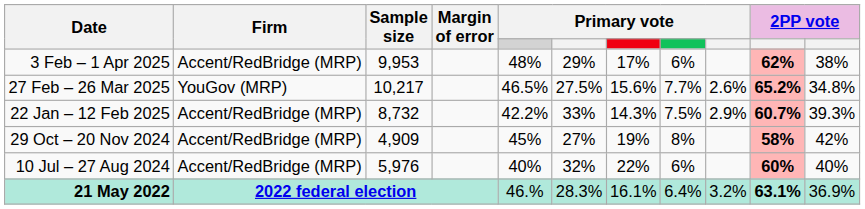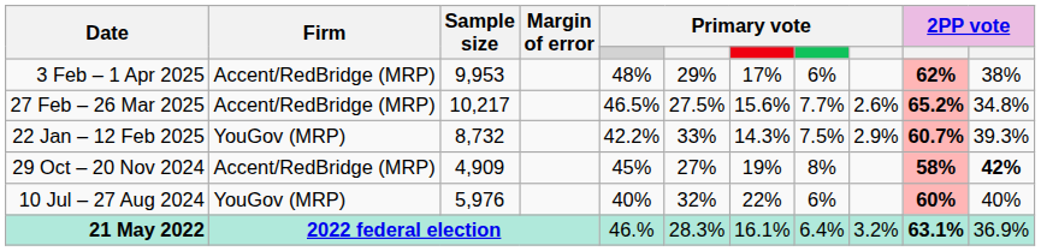 <table class="nowrap wikitable tpl-blanktable" style=text-align:center;font-size:90%>
 <tr>
 <th rowspan=2>Date</th>
 <th rowspan=2>Firm</th>
 <th rowspan=2>Sample<br>size</th>
 <th rowspan=2>Margin<br>of error</th>
 <th colspan=5>Primary vote</th>
 <th colspan=2 class=unsortable style=background:#ebbce3><a href='#'>2PP vote</a></th>
 </tr>
 <tr>
 <th class=unsortable style=background:lightgray></th>
 <th style="background:"></th>
 <th style="background:#F00011"></th>
 <th style=background:#10C25B></th>
 <th style=background:></th>
 <th style=background:></th>
 <th style=background:></th>
 </tr>
 <tr>
 <td align=right>3 Feb – 1 Apr 2025</td>
 <td align=left>Accent/RedBridge (MRP)</td>
 <td>9,953</td>
 <td></td>
 <td>48%</td>
 <td>29%</td>
 <td>17%</td>
 <td>6%</td>
 <td></td>
 <th style=background:#FFB6B6>62%</th>
 <td>38%</td>
 </tr>
 <tr>
 <td align=right>27 Feb – 26 Mar 2025</td>
-<td align=left>YouGov (MRP)</td>
+<td align=left>Accent/RedBridge (MRP)</td>
 <td>10,217</td>
 <td></td>
 <td>46.5%</td>
 <td>27.5%</td>
 <td>15.6%</td>
 <td>7.7%</td>
 <td>2.6%</td>
 <th style=background:#FFB6B6>65.2%</th>
 <td>34.8%</td>
 </tr>
 <tr>
 <td align=right>22 Jan – 12 Feb 2025</td>
-<td align=left>Accent/RedBridge (MRP)</td>
+<td align=left>YouGov (MRP)</td>
 <td>8,732</td>
 <td></td>
 <td>42.2%</td>
 <td>33%</td>
 <td>14.3%</td>
 <td>7.5%</td>
 <td>2.9%</td>
 <th style=background:#FFB6B6>60.7%</th>
 <td>39.3%</td>
 </tr>
 <tr>
 <td align=right>29 Oct – 20 Nov 2024</td>
 <td align=left>Accent/RedBridge (MRP)</td>
 <td>4,909</td>
 <td></td>
 <td>45%</td>
 <td>27%</td>
 <td>19%</td>
 <td>8%</td>
 <td></td>
 <th style=background:#FFB6B6>58%</th>
-<td>42%</td>
+<td><strong>42%</strong></td>
 </tr>
 <tr>
 <td align=right>10 Jul – 27 Aug 2024</td>
-<td align=left>Accent/RedBridge (MRP)</td>
+<td align=left>YouGov (MRP)</td>
 <td>5,976</td>
 <td></td>
 <td>40%</td>
 <td>32%</td>
 <td>22%</td>
 <td>6%</td>
 <td></td>
 <th style=background:#FFB6B6>60%</th>
 <td>40%</td>
 </tr>
 <tr style=background:#b0e9db>
 <td style=text-align:right data-sort-value=21-May-2022><strong>21 May 2022</strong></td>
 <td colspan=3 style=text-align:center><strong><a href='#'>2022 federal election</a></strong></td>
 <td>46.%</td>
 <td>28.3%</td>
 <td>16.1%</td>
 <td>6.4%</td>
 <td>3.2%</td>
 <td><strong>63.1%</strong></td>
 <td>36.9%</td>
 </tr>
 </table>
